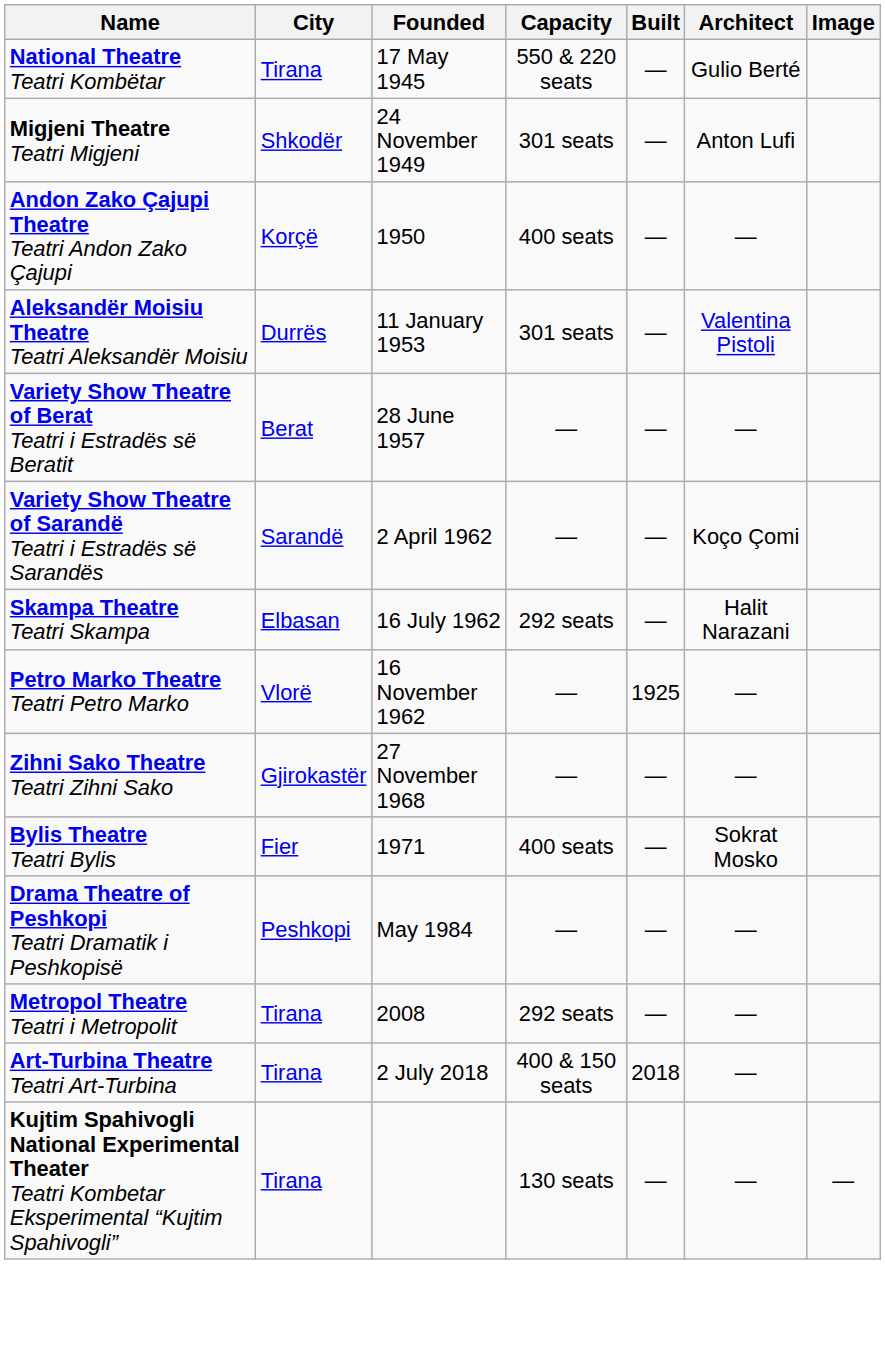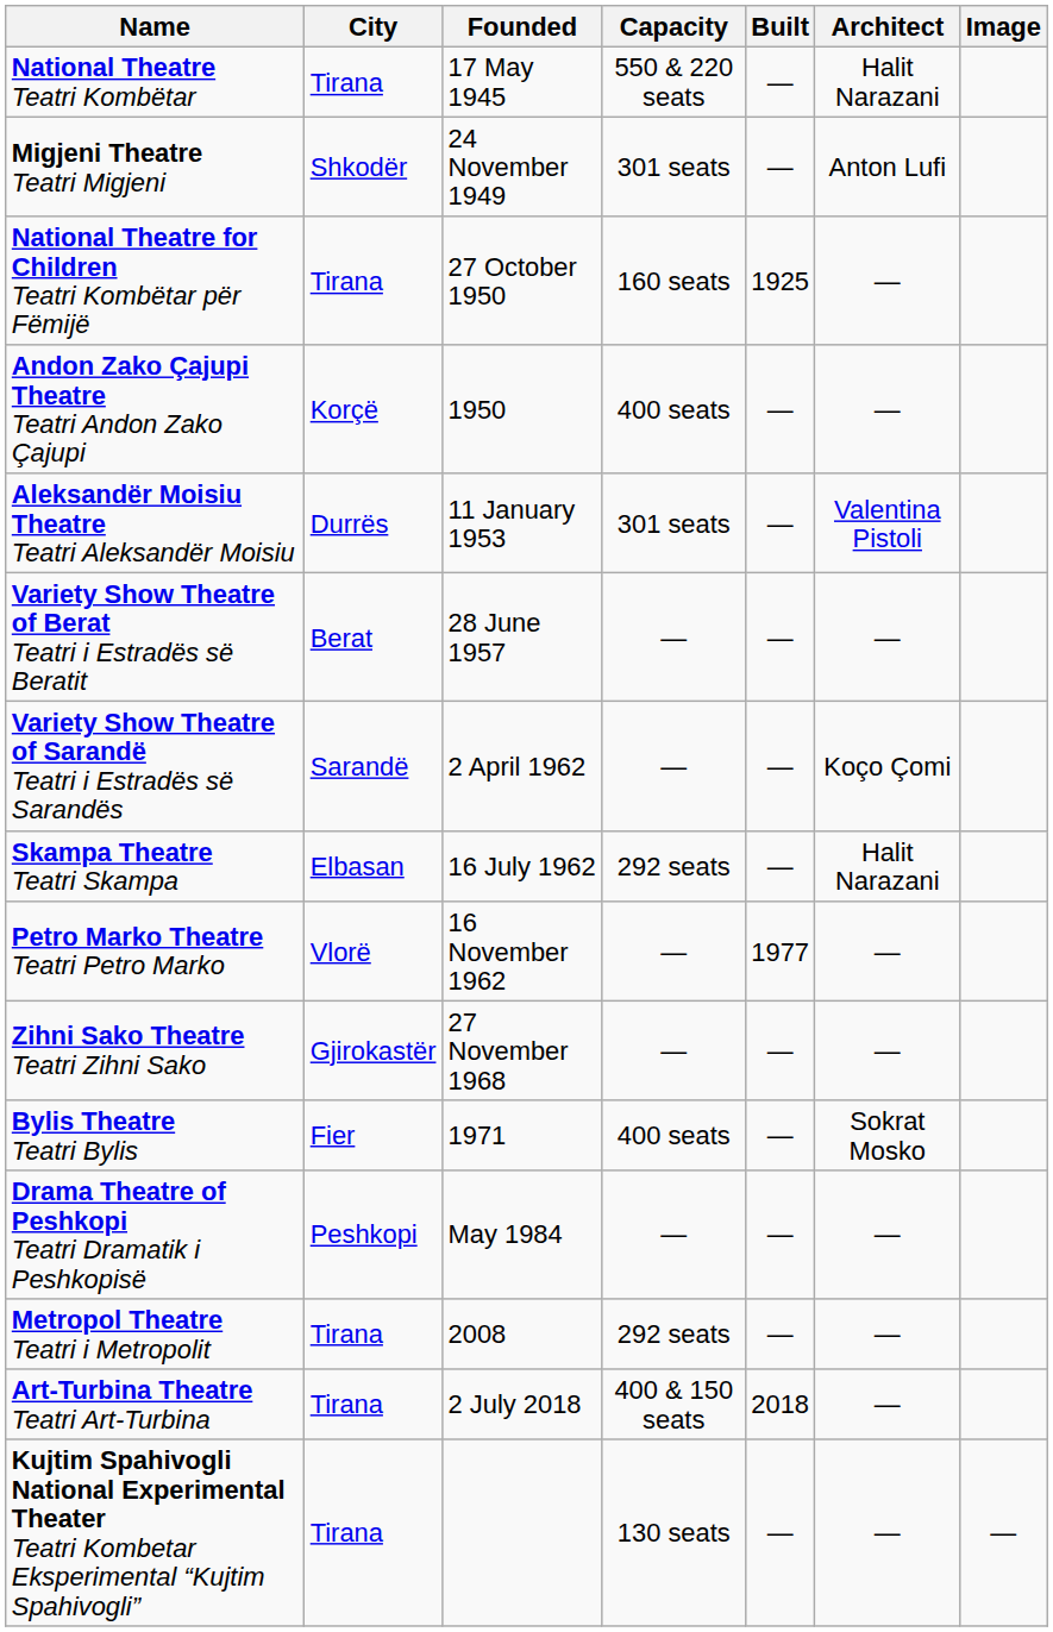 <table class="wikitable sortable" style="font-size:95%;">
 <tr>
 <th>Name</th>
 <th>City</th>
 <th>Founded</th>
 <th>Capacity</th>
 <th>Built</th>
 <th>Architect</th>
 <th>Image</th>
 </tr>
 <tr>
 <td><strong><a href='#'>National Theatre</a></strong><br><em>Teatri Kombëtar</em></td>
 <td><a href='#'>Tirana</a></td>
 <td>17 May 1945</td>
 <td align="center">550 & 220 seats</td>
 <td align="center">—</td>
-<td align="center">Gulio Berté</td>
+<td align="center">Halit Narazani</td>
 <td align="center"></td>
 </tr>
 <tr>
 <td><strong>Migjeni Theatre</strong><br><em>Teatri Migjeni</em></td>
 <td><a href='#'>Shkodër</a></td>
 <td>24 November 1949</td>
 <td align="center">301 seats</td>
 <td align="center">—</td>
 <td align="center">Anton Lufi</td>
+<td align="center"></td>
+</tr>
+<tr>
+<td><strong><a href='#'>National Theatre for Children</a></strong><br><em>Teatri Kombëtar për Fëmijë</em></td>
+<td><a href='#'>Tirana</a></td>
+<td>27 October 1950</td>
+<td align="center">160 seats</td>
+<td align="center">1925</td>
+<td align="center">—</td>
 <td align="center"></td>
 </tr>
 <tr>
 <td><strong><a href='#'>Andon Zako Çajupi Theatre</a></strong><br><em>Teatri Andon Zako Çajupi</em></td>
 <td><a href='#'>Korçë</a></td>
 <td>1950</td>
 <td align="center">400 seats</td>
 <td align="center">—</td>
 <td align="center">—</td>
 <td align="center"></td>
 </tr>
 <tr>
 <td><strong><a href='#'>Aleksandër Moisiu Theatre</a></strong><br><em>Teatri Aleksandër Moisiu</em></td>
 <td><a href='#'>Durrës</a></td>
 <td>11 January 1953</td>
 <td align="center">301 seats</td>
 <td align="center">—</td>
 <td align="center"><a href='#'>Valentina Pistoli</a></td>
 <td align="center"></td>
 </tr>
 <tr>
 <td><strong><a href='#'>Variety Show Theatre of Berat</a></strong><br><em>Teatri i Estradës së Beratit</em></td>
 <td><a href='#'>Berat</a></td>
 <td>28 June 1957</td>
 <td align="center">—</td>
 <td align="center">—</td>
 <td align="center">—</td>
 <td align="center"></td>
 </tr>
 <tr>
 <td><strong><a href='#'>Variety Show Theatre of Sarandë</a></strong><br><em>Teatri i Estradës së Sarandës</em></td>
 <td><a href='#'>Sarandë</a></td>
 <td>2 April 1962</td>
 <td align="center">—</td>
 <td align="center">—</td>
 <td align="center">Koço Çomi</td>
 <td align="center"></td>
 </tr>
 <tr>
 <td><strong><a href='#'>Skampa Theatre</a></strong><br><em>Teatri Skampa</em></td>
 <td><a href='#'>Elbasan</a></td>
 <td>16 July 1962</td>
 <td align="center">292 seats</td>
 <td align="center">—</td>
 <td align="center">Halit Narazani</td>
 <td align="center"></td>
 </tr>
 <tr>
 <td><strong><a href='#'>Petro Marko Theatre</a></strong><br><em>Teatri Petro Marko</em></td>
 <td><a href='#'>Vlorë</a></td>
 <td>16 November 1962</td>
 <td align="center">—</td>
-<td align="center">1925</td>
+<td align="center">1977</td>
 <td align="center">—</td>
 <td align="center"></td>
 </tr>
 <tr>
 <td><strong><a href='#'>Zihni Sako Theatre</a></strong><br><em>Teatri Zihni Sako</em></td>
 <td><a href='#'>Gjirokastër</a></td>
 <td>27 November 1968</td>
 <td align="center">—</td>
 <td align="center">—</td>
 <td align="center">—</td>
 <td align="center"></td>
 </tr>
 <tr>
 <td><strong><a href='#'>Bylis Theatre</a></strong><br><em>Teatri Bylis</em></td>
 <td><a href='#'>Fier</a></td>
 <td>1971</td>
 <td align="center">400 seats</td>
 <td align="center">—</td>
 <td align="center">Sokrat Mosko</td>
 <td align="center"></td>
 </tr>
 <tr>
 <td><strong><a href='#'>Drama Theatre of Peshkopi</a></strong><br><em>Teatri Dramatik i Peshkopisë</em></td>
 <td><a href='#'>Peshkopi</a></td>
 <td>May 1984</td>
 <td align="center">—</td>
 <td align="center">—</td>
 <td align="center">—</td>
 <td align="center"></td>
 </tr>
 <tr>
 <td><strong><a href='#'>Metropol Theatre</a></strong><br><em>Teatri i Metropolit</em></td>
 <td><a href='#'>Tirana</a></td>
 <td>2008</td>
 <td align="center">292 seats</td>
 <td align="center">—</td>
 <td align="center">—</td>
 <td align="center"></td>
 </tr>
 <tr>
 <td><strong><a href='#'>Art-Turbina Theatre</a></strong><br><em>Teatri Art-Turbina</em></td>
 <td><a href='#'>Tirana</a></td>
 <td>2 July 2018</td>
 <td align="center">400 & 150 seats</td>
 <td align="center">2018</td>
 <td align="center">—</td>
 <td align="center"></td>
 </tr>
 <tr>
 <td><strong>Kujtim Spahivogli National Experimental Theater</strong><br><em>Teatri Kombetar Eksperimental “Kujtim Spahivogli”</em></td>
 <td><a href='#'>Tirana</a></td>
 <td></td>
 <td align="center">130 seats</td>
 <td align="center">—</td>
 <td align="center">—</td>
 <td align="center">—</td>
 </tr>
 </table>
